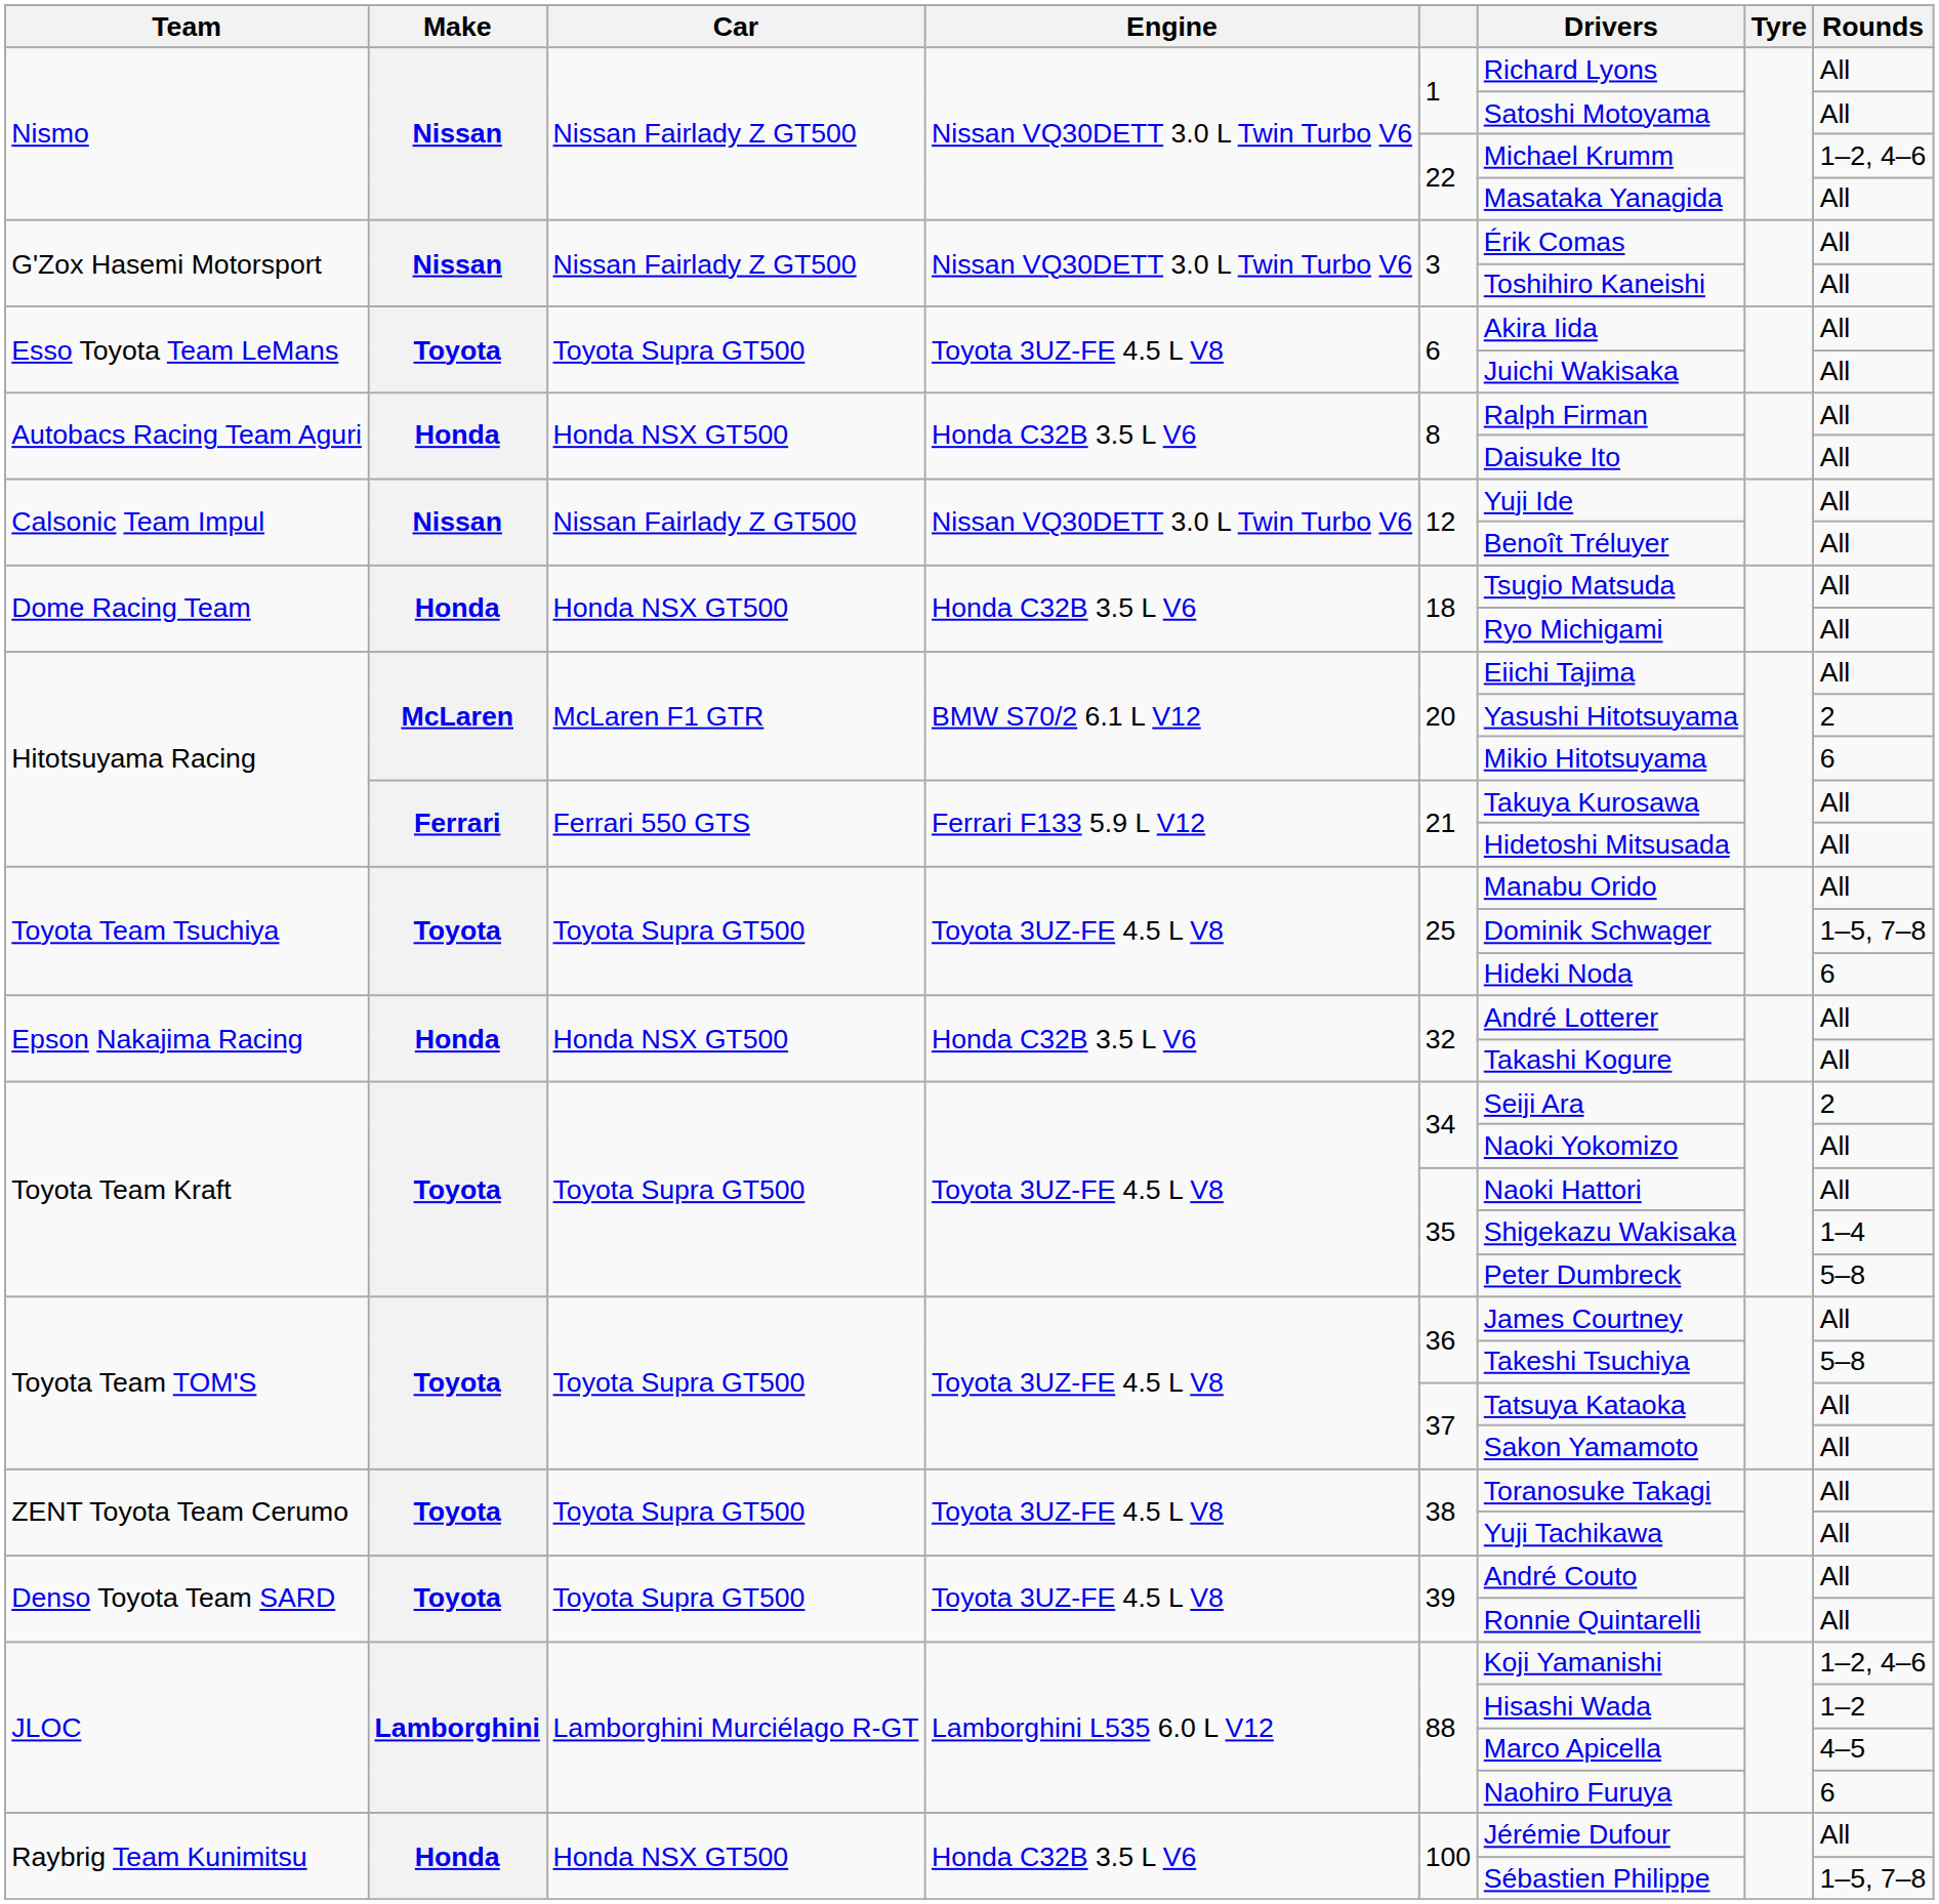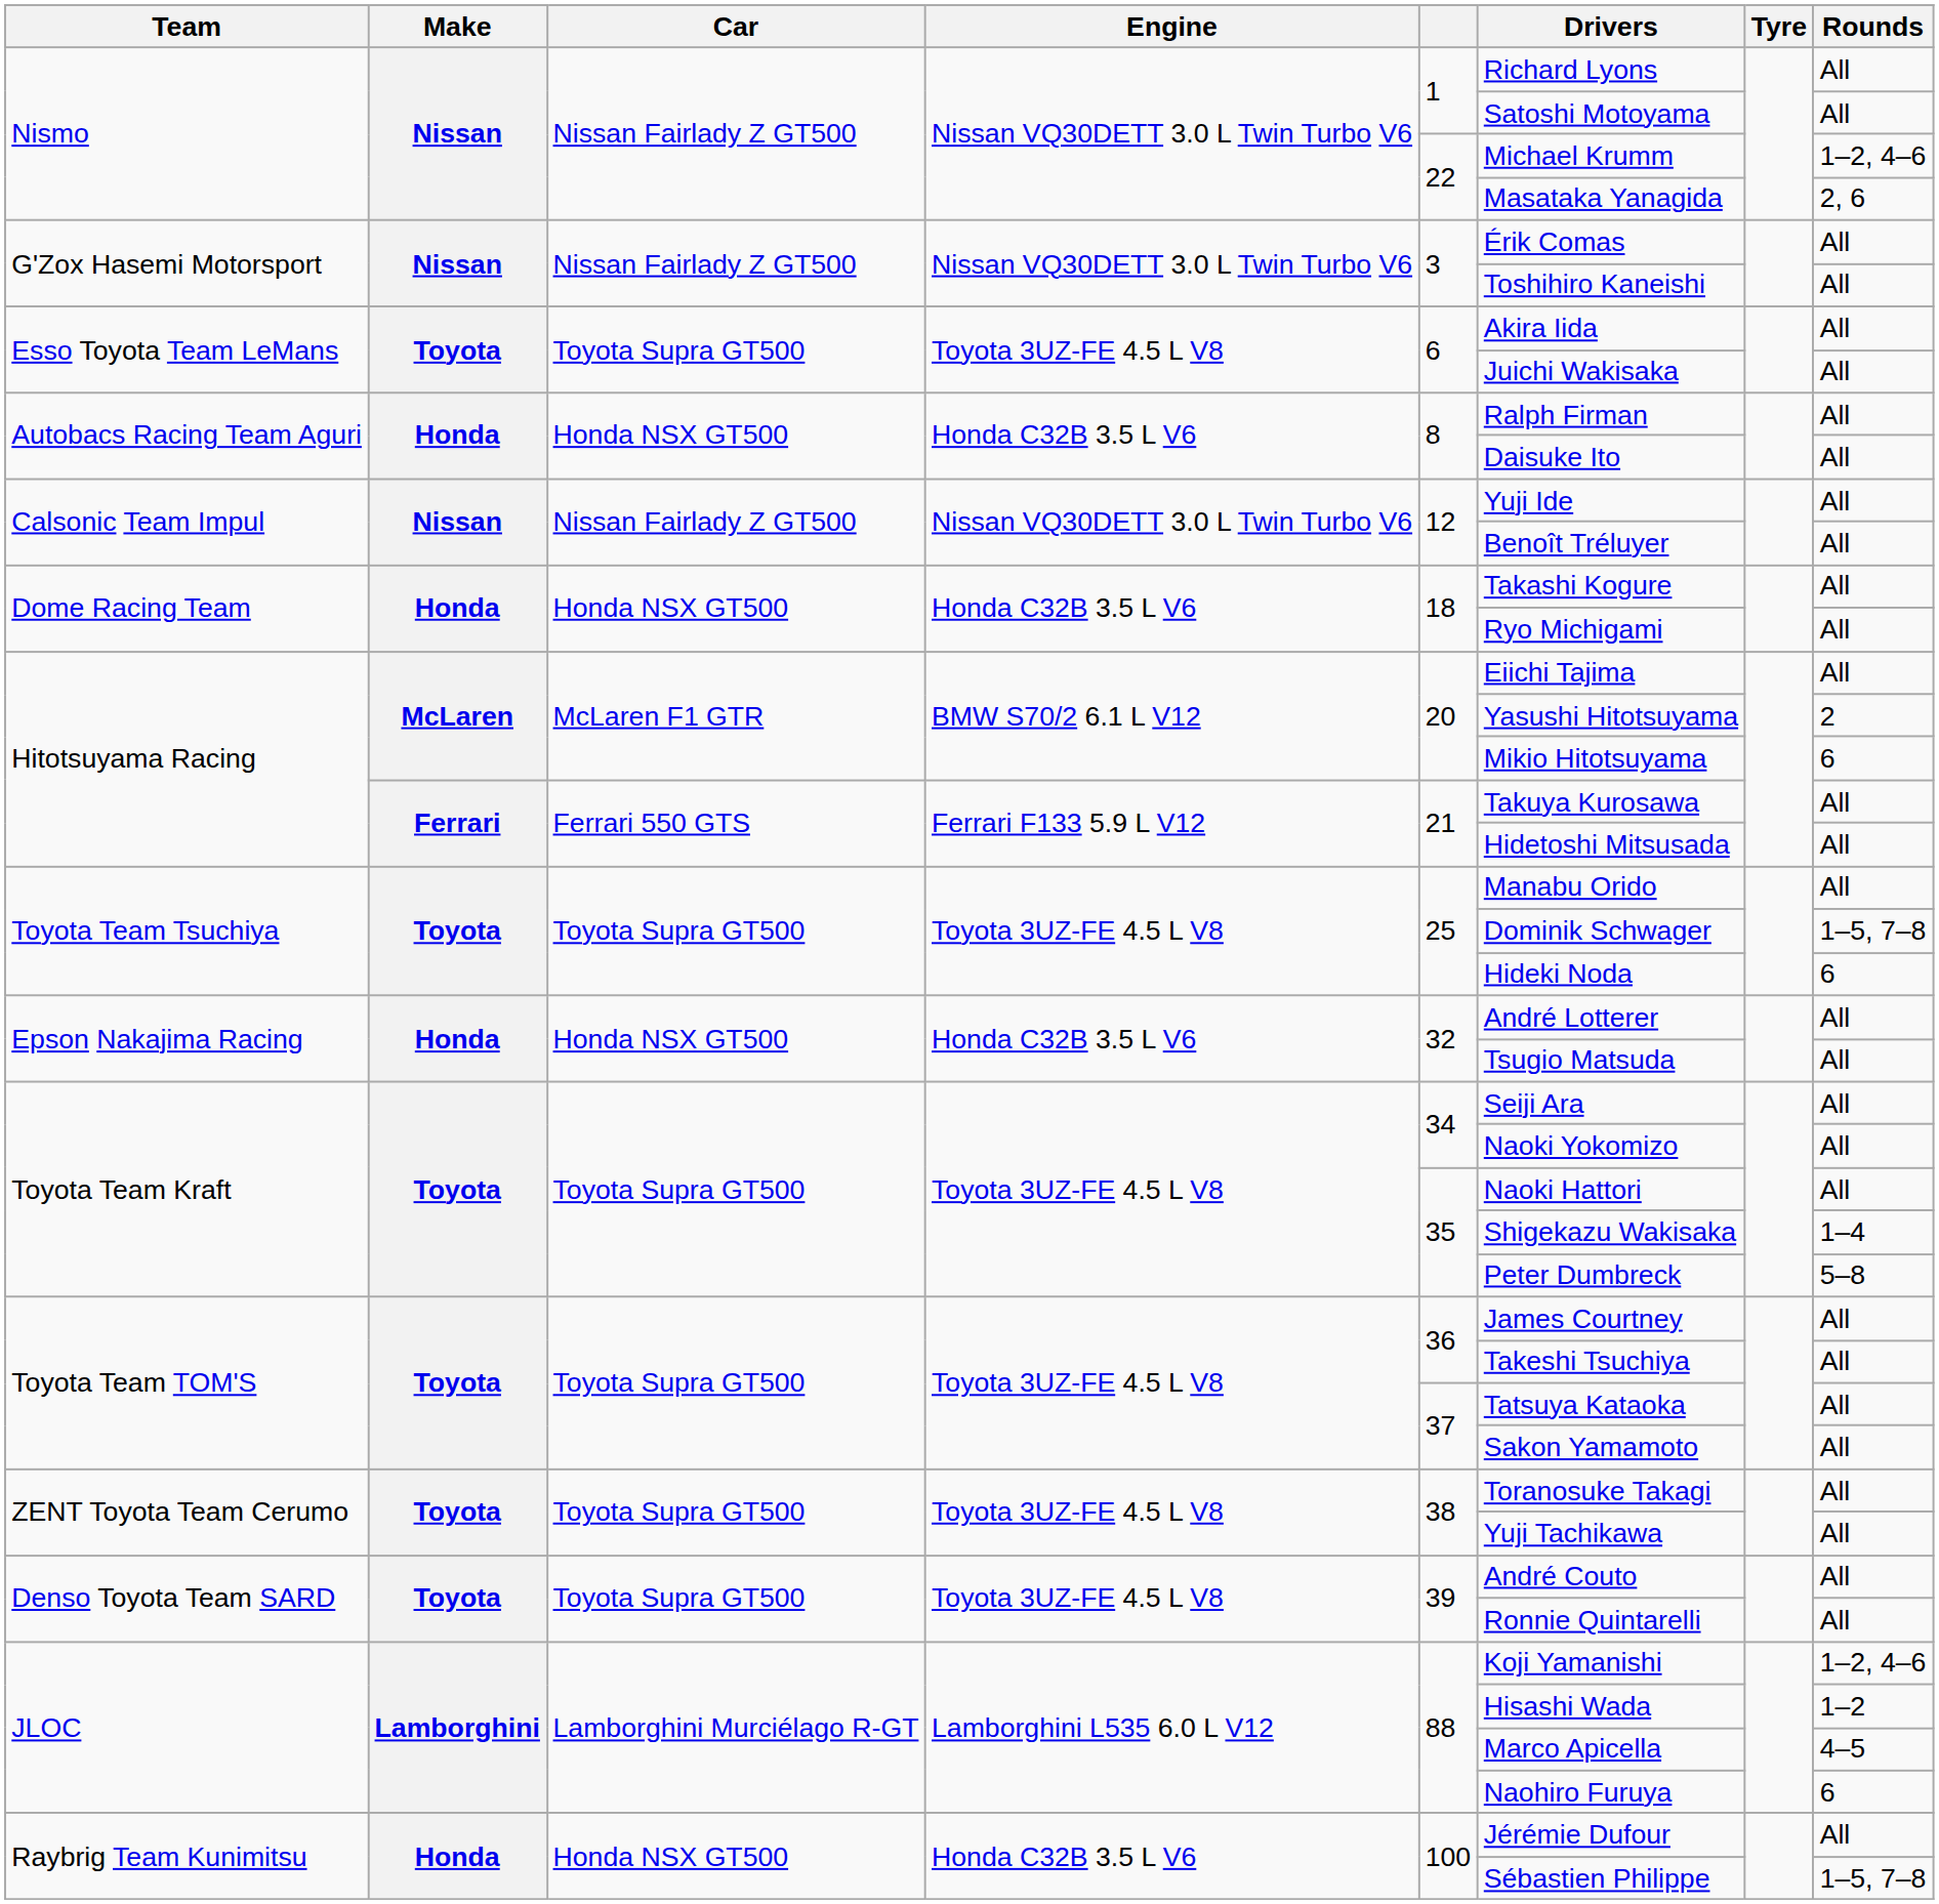 <table class="wikitable" style="font-size: 85%">
 <tr>
 <th>Team</th>
 <th>Make</th>
 <th>Car</th>
 <th>Engine</th>
 <th></th>
 <th>Drivers</th>
 <th>Tyre</th>
 <th>Rounds</th>
 </tr>
 <tr>
 <td rowspan=4><a href='#'>Nismo</a></td>
 <th rowspan=4><a href='#'>Nissan</a></th>
 <td rowspan=4><a href='#'>Nissan Fairlady Z GT500</a></td>
 <td rowspan=4><a href='#'>Nissan VQ30DETT</a> 3.0 L <a href='#'>Twin Turbo</a> <a href='#'>V6</a></td>
 <td rowspan=2>1</td>
 <td> <a href='#'>Richard Lyons</a></td>
 <td rowspan=4 align="center"></td>
 <td>All</td>
 </tr>
 <tr>
 <td> <a href='#'>Satoshi Motoyama</a></td>
 <td>All</td>
 </tr>
 <tr>
 <td rowspan=2>22</td>
 <td> <a href='#'>Michael Krumm</a></td>
 <td>1–2, 4–6</td>
 </tr>
 <tr>
 <td> <a href='#'>Masataka Yanagida</a></td>
-<td>All</td>
+<td>2, 6</td>
 </tr>
 <tr>
 <td rowspan=2>G'Zox Hasemi Motorsport</td>
 <th rowspan=2><a href='#'>Nissan</a></th>
 <td rowspan=2><a href='#'>Nissan Fairlady Z GT500</a></td>
 <td rowspan=2><a href='#'>Nissan VQ30DETT</a> 3.0 L <a href='#'>Twin Turbo</a> <a href='#'>V6</a></td>
 <td rowspan=2>3</td>
 <td> <a href='#'>Érik Comas</a></td>
 <td rowspan=2 align="center"></td>
 <td>All</td>
 </tr>
 <tr>
 <td> <a href='#'>Toshihiro Kaneishi</a></td>
 <td>All</td>
 </tr>
 <tr>
 <td rowspan=2><a href='#'>Esso</a> Toyota <a href='#'>Team LeMans</a></td>
 <th rowspan=2><a href='#'>Toyota</a></th>
 <td rowspan=2><a href='#'>Toyota Supra GT500</a></td>
 <td rowspan=2><a href='#'>Toyota 3UZ-FE</a> 4.5 L <a href='#'>V8</a></td>
 <td rowspan=2>6</td>
 <td> <a href='#'>Akira Iida</a></td>
 <td rowspan=2 align="center"></td>
 <td>All</td>
 </tr>
 <tr>
 <td> <a href='#'>Juichi Wakisaka</a></td>
 <td>All</td>
 </tr>
 <tr>
 <td rowspan=2><a href='#'>Autobacs Racing Team Aguri</a></td>
 <th rowspan=2><a href='#'>Honda</a></th>
 <td rowspan=2><a href='#'>Honda NSX GT500</a></td>
 <td rowspan=2><a href='#'>Honda C32B</a> 3.5 L <a href='#'>V6</a></td>
 <td rowspan=2>8</td>
 <td> <a href='#'>Ralph Firman</a></td>
 <td rowspan=2 align="center"></td>
 <td>All</td>
 </tr>
 <tr>
 <td> <a href='#'>Daisuke Ito</a></td>
 <td>All</td>
 </tr>
 <tr>
 <td rowspan=2><a href='#'>Calsonic</a> <a href='#'>Team Impul</a></td>
 <th rowspan=2><a href='#'>Nissan</a></th>
 <td rowspan=2><a href='#'>Nissan Fairlady Z GT500</a></td>
 <td rowspan=2><a href='#'>Nissan VQ30DETT</a> 3.0 L <a href='#'>Twin Turbo</a> <a href='#'>V6</a></td>
 <td rowspan=2>12</td>
 <td> <a href='#'>Yuji Ide</a></td>
 <td rowspan=2 align="center"></td>
 <td>All</td>
 </tr>
 <tr>
 <td> <a href='#'>Benoît Tréluyer</a></td>
 <td>All</td>
 </tr>
 <tr>
 <td rowspan=2><a href='#'>Dome Racing Team</a></td>
 <th rowspan=2><a href='#'>Honda</a></th>
 <td rowspan=2><a href='#'>Honda NSX GT500</a></td>
 <td rowspan=2><a href='#'>Honda C32B</a> 3.5 L <a href='#'>V6</a></td>
 <td rowspan=2>18</td>
-<td> <a href='#'>Tsugio Matsuda</a></td>
+<td> <a href='#'>Takashi Kogure</a></td>
 <td rowspan=2 align="center"></td>
 <td>All</td>
 </tr>
 <tr>
 <td> <a href='#'>Ryo Michigami</a></td>
 <td>All</td>
 </tr>
 <tr>
 <td rowspan=5>Hitotsuyama Racing</td>
 <th rowspan=3><a href='#'>McLaren</a></th>
 <td rowspan=3><a href='#'>McLaren F1 GTR</a></td>
 <td rowspan=3><a href='#'>BMW S70/2</a> 6.1 L <a href='#'>V12</a></td>
 <td rowspan=3>20</td>
 <td> <a href='#'>Eiichi Tajima</a></td>
 <td rowspan=5 align="center"></td>
 <td>All</td>
 </tr>
 <tr>
 <td> <a href='#'>Yasushi Hitotsuyama</a></td>
 <td>2</td>
 </tr>
 <tr>
 <td> <a href='#'>Mikio Hitotsuyama</a></td>
 <td>6</td>
 </tr>
 <tr>
 <th rowspan=2><a href='#'>Ferrari</a></th>
 <td rowspan=2><a href='#'>Ferrari 550 GTS</a></td>
 <td rowspan=2><a href='#'>Ferrari F133</a> 5.9 L <a href='#'>V12</a></td>
 <td rowspan=2>21</td>
 <td> <a href='#'>Takuya Kurosawa</a></td>
 <td>All</td>
 </tr>
 <tr>
 <td> <a href='#'>Hidetoshi Mitsusada</a></td>
 <td>All</td>
 </tr>
 <tr>
 <td rowspan=3><a href='#'>Toyota Team Tsuchiya</a></td>
 <th rowspan=3><a href='#'>Toyota</a></th>
 <td rowspan=3><a href='#'>Toyota Supra GT500</a></td>
 <td rowspan=3><a href='#'>Toyota 3UZ-FE</a> 4.5 L <a href='#'>V8</a></td>
 <td rowspan=3>25</td>
 <td> <a href='#'>Manabu Orido</a></td>
 <td rowspan=3 align="center"></td>
 <td>All</td>
 </tr>
 <tr>
 <td> <a href='#'>Dominik Schwager</a></td>
 <td>1–5, 7–8</td>
 </tr>
 <tr>
 <td> <a href='#'>Hideki Noda</a></td>
 <td>6</td>
 </tr>
 <tr>
 <td rowspan=2><a href='#'>Epson</a> <a href='#'>Nakajima Racing</a></td>
 <th rowspan=2><a href='#'>Honda</a></th>
 <td rowspan=2><a href='#'>Honda NSX GT500</a></td>
 <td rowspan=2><a href='#'>Honda C32B</a> 3.5 L <a href='#'>V6</a></td>
 <td rowspan=2>32</td>
 <td> <a href='#'>André Lotterer</a></td>
 <td rowspan=2 align="center"></td>
 <td>All</td>
 </tr>
 <tr>
-<td> <a href='#'>Takashi Kogure</a></td>
+<td> <a href='#'>Tsugio Matsuda</a></td>
 <td>All</td>
 </tr>
 <tr>
 <td rowspan=5>Toyota Team Kraft</td>
 <th rowspan=5><a href='#'>Toyota</a></th>
 <td rowspan=5><a href='#'>Toyota Supra GT500</a></td>
 <td rowspan=5><a href='#'>Toyota 3UZ-FE</a> 4.5 L <a href='#'>V8</a></td>
 <td rowspan=2>34</td>
 <td> <a href='#'>Seiji Ara</a></td>
 <td rowspan=5 align="center"></td>
-<td>2</td>
+<td>All</td>
 </tr>
 <tr>
 <td> <a href='#'>Naoki Yokomizo</a></td>
 <td>All</td>
 </tr>
 <tr>
 <td rowspan=3>35</td>
 <td> <a href='#'>Naoki Hattori</a></td>
 <td>All</td>
 </tr>
 <tr>
 <td> <a href='#'>Shigekazu Wakisaka</a></td>
 <td>1–4</td>
 </tr>
 <tr>
 <td> <a href='#'>Peter Dumbreck</a></td>
 <td>5–8</td>
 </tr>
 <tr>
 <td rowspan=4>Toyota Team <a href='#'>TOM'S</a></td>
 <th rowspan=4><a href='#'>Toyota</a></th>
 <td rowspan=4><a href='#'>Toyota Supra GT500</a></td>
 <td rowspan=4><a href='#'>Toyota 3UZ-FE</a> 4.5 L <a href='#'>V8</a></td>
 <td rowspan=2>36</td>
 <td> <a href='#'>James Courtney</a></td>
 <td rowspan=4 align="center"></td>
 <td>All</td>
 </tr>
 <tr>
 <td> <a href='#'>Takeshi Tsuchiya</a></td>
-<td>5–8</td>
+<td>All</td>
 </tr>
 <tr>
 <td rowspan=2>37</td>
 <td> <a href='#'>Tatsuya Kataoka</a></td>
 <td>All</td>
 </tr>
 <tr>
 <td> <a href='#'>Sakon Yamamoto</a></td>
 <td>All</td>
 </tr>
 <tr>
 <td rowspan=2>ZENT Toyota Team Cerumo</td>
 <th rowspan=2><a href='#'>Toyota</a></th>
 <td rowspan=2><a href='#'>Toyota Supra GT500</a></td>
 <td rowspan=2><a href='#'>Toyota 3UZ-FE</a> 4.5 L <a href='#'>V8</a></td>
 <td rowspan=2>38</td>
 <td> <a href='#'>Toranosuke Takagi</a></td>
 <td rowspan=2 align="center"></td>
 <td>All</td>
 </tr>
 <tr>
 <td> <a href='#'>Yuji Tachikawa</a></td>
 <td>All</td>
 </tr>
 <tr>
 <td rowspan=2><a href='#'>Denso</a> Toyota Team <a href='#'>SARD</a></td>
 <th rowspan=2><a href='#'>Toyota</a></th>
 <td rowspan=2><a href='#'>Toyota Supra GT500</a></td>
 <td rowspan=2><a href='#'>Toyota 3UZ-FE</a> 4.5 L <a href='#'>V8</a></td>
 <td rowspan=2>39</td>
 <td> <a href='#'>André Couto</a></td>
 <td rowspan=2 align="center"></td>
 <td>All</td>
 </tr>
 <tr>
 <td> <a href='#'>Ronnie Quintarelli</a></td>
 <td>All</td>
 </tr>
 <tr>
 <td rowspan=4><a href='#'>JLOC</a></td>
 <th rowspan=4><a href='#'>Lamborghini</a></th>
 <td rowspan=4><a href='#'>Lamborghini Murciélago R-GT</a></td>
 <td rowspan=4><a href='#'>Lamborghini L535</a> 6.0 L <a href='#'>V12</a></td>
 <td rowspan=4>88</td>
 <td> <a href='#'>Koji Yamanishi</a></td>
 <td rowspan=4 align="center"></td>
 <td>1–2, 4–6</td>
 </tr>
 <tr>
 <td> <a href='#'>Hisashi Wada</a></td>
 <td>1–2</td>
 </tr>
 <tr>
 <td> <a href='#'>Marco Apicella</a></td>
 <td>4–5</td>
 </tr>
 <tr>
 <td> <a href='#'>Naohiro Furuya</a></td>
 <td>6</td>
 </tr>
 <tr>
 <td rowspan=2>Raybrig <a href='#'>Team Kunimitsu</a></td>
 <th rowspan=2><a href='#'>Honda</a></th>
 <td rowspan=2><a href='#'>Honda NSX GT500</a></td>
 <td rowspan=2><a href='#'>Honda C32B</a> 3.5 L <a href='#'>V6</a></td>
 <td rowspan=2>100</td>
 <td> <a href='#'>Jérémie Dufour</a></td>
 <td rowspan=2 align="center"></td>
 <td>All</td>
 </tr>
 <tr>
 <td> <a href='#'>Sébastien Philippe</a></td>
 <td>1–5, 7–8</td>
 </tr>
 </table>
